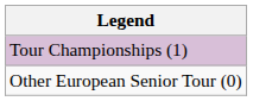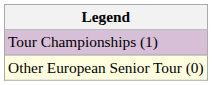 <table class="wikitable" style="font-size:95%;">
 <tr>
 <th>Legend</th>
 </tr>
 <tr style="background:thistle">
 <td>Tour Championships (1)</td>
 </tr>
 <tr>
-<td>Other European Senior Tour (0)</td>
+<td style="background: lightyellow;">Other European Senior Tour (0)</td>
 </tr>
 </table>
